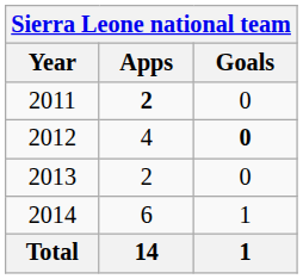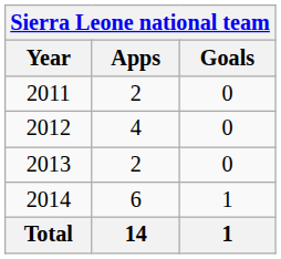 <table class="wikitable" style="text-align:center">
 <tr>
 <th colspan=3><a href='#'>Sierra Leone national team</a></th>
 </tr>
 <tr>
 <th>Year</th>
 <th>Apps</th>
 <th>Goals</th>
 </tr>
 <tr>
 <td>2011</td>
-<td><strong>2</strong></td>
+<td>2</td>
 <td>0</td>
 </tr>
 <tr>
 <td>2012</td>
 <td>4</td>
-<td><strong>0</strong></td>
+<td>0</td>
 </tr>
 <tr>
 <td>2013</td>
 <td>2</td>
 <td>0</td>
 </tr>
 <tr>
 <td>2014</td>
 <td>6</td>
 <td>1</td>
 </tr>
 <tr>
 <th>Total</th>
 <th>14</th>
 <th>1</th>
 </tr>
 </table>
